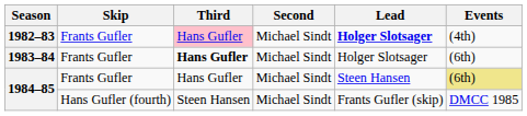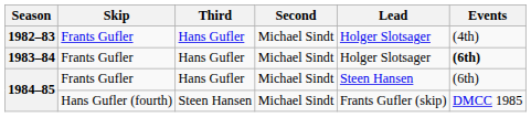 <table class="wikitable">
 <tr>
 <th scope="col">Season</th>
 <th scope="col">Skip</th>
 <th scope="col">Third</th>
 <th scope="col">Second</th>
 <th scope="col">Lead</th>
 <th scope="col">Events</th>
 </tr>
 <tr>
 <th scope="row">1982–83</th>
 <td><a href='#'>Frants Gufler</a></td>
-<td style="background: pink;"><a href='#'>Hans Gufler</a></td>
+<td><a href='#'>Hans Gufler</a></td>
 <td>Michael Sindt</td>
-<td><strong><a href='#'>Holger Slotsager</a></strong></td>
+<td><a href='#'>Holger Slotsager</a></td>
 <td> (4th)</td>
 </tr>
 <tr>
 <th scope="row">1983–84</th>
 <td>Frants Gufler</td>
-<td><strong>Hans Gufler</strong></td>
+<td>Hans Gufler</td>
 <td>Michael Sindt</td>
 <td>Holger Slotsager</td>
-<td> (6th)</td>
+<td><strong> (6th)</strong></td>
 </tr>
 <tr>
 <th scope="row" rowspan=2>1984–85</th>
 <td>Frants Gufler</td>
 <td>Hans Gufler</td>
 <td>Michael Sindt</td>
 <td><a href='#'>Steen Hansen</a></td>
-<td style="background: khaki;"> (6th)</td>
+<td> (6th)</td>
 </tr>
 <tr>
 <td>Hans Gufler (fourth)</td>
 <td>Steen Hansen</td>
 <td>Michael Sindt</td>
 <td>Frants Gufler (skip)</td>
 <td><a href='#'>DMCC</a> 1985 <br> </td>
 </tr>
 </table>
